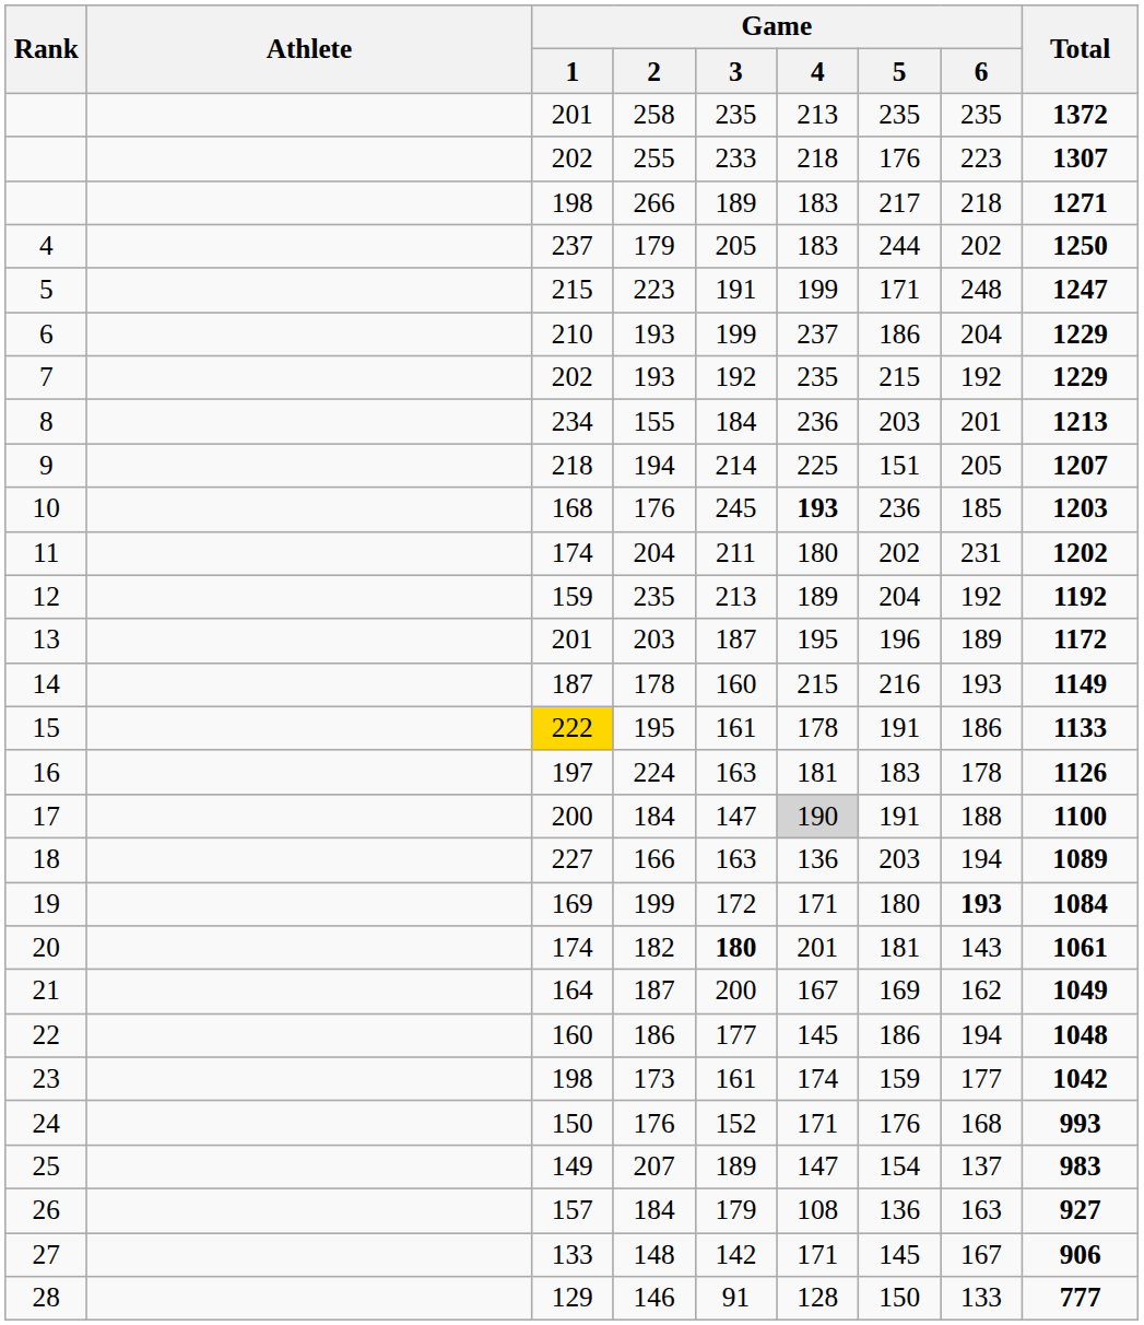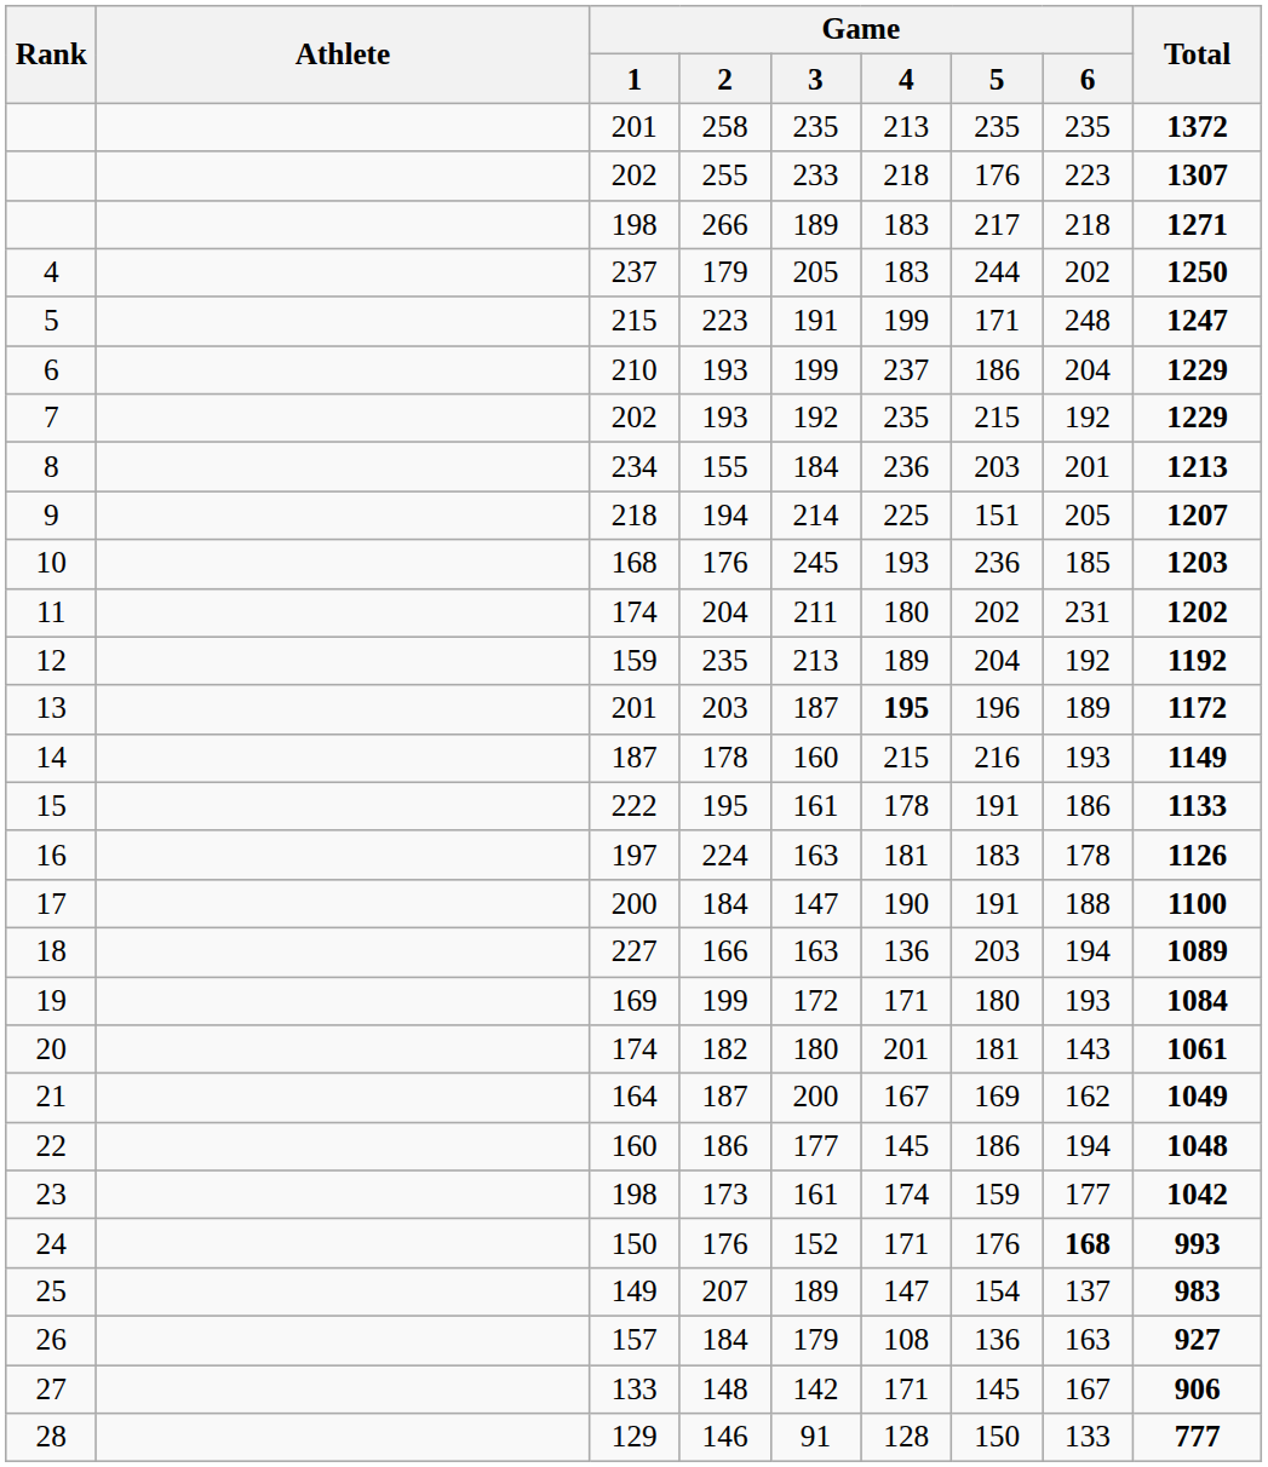 <table class=wikitable style="text-align:center">
 <tr>
 <th rowspan="2" width=40>Rank</th>
 <th rowspan="2" width=250>Athlete</th>
 <th colspan="6">Game</th>
 <th rowspan="2" width=60>Total</th>
 </tr>
 <tr>
 <th width=40>1</th>
 <th width=40>2</th>
 <th width=40>3</th>
 <th width=40>4</th>
 <th width=40>5</th>
 <th width=40>6</th>
 </tr>
 <tr>
 <td></td>
 <td align=left></td>
 <td>201</td>
 <td>258</td>
 <td>235</td>
 <td>213</td>
 <td>235</td>
 <td>235</td>
 <td><strong>1372</strong></td>
 </tr>
 <tr>
 <td></td>
 <td align=left></td>
 <td>202</td>
 <td>255</td>
 <td>233</td>
 <td>218</td>
 <td>176</td>
 <td>223</td>
 <td><strong>1307</strong></td>
 </tr>
 <tr>
 <td></td>
 <td align=left></td>
 <td>198</td>
 <td>266</td>
 <td>189</td>
 <td>183</td>
 <td>217</td>
 <td>218</td>
 <td><strong>1271</strong></td>
 </tr>
 <tr>
 <td>4</td>
 <td align=left></td>
 <td>237</td>
 <td>179</td>
 <td>205</td>
 <td>183</td>
 <td>244</td>
 <td>202</td>
 <td><strong>1250</strong></td>
 </tr>
 <tr>
 <td>5</td>
 <td align=left></td>
 <td>215</td>
 <td>223</td>
 <td>191</td>
 <td>199</td>
 <td>171</td>
 <td>248</td>
 <td><strong>1247</strong></td>
 </tr>
 <tr>
 <td>6</td>
 <td align=left></td>
 <td>210</td>
 <td>193</td>
 <td>199</td>
 <td>237</td>
 <td>186</td>
 <td>204</td>
 <td><strong>1229</strong></td>
 </tr>
 <tr>
 <td>7</td>
 <td align=left></td>
 <td>202</td>
 <td>193</td>
 <td>192</td>
 <td>235</td>
 <td>215</td>
 <td>192</td>
 <td><strong>1229</strong></td>
 </tr>
 <tr>
 <td>8</td>
 <td align=left></td>
 <td>234</td>
 <td>155</td>
 <td>184</td>
 <td>236</td>
 <td>203</td>
 <td>201</td>
 <td><strong>1213</strong></td>
 </tr>
 <tr>
 <td>9</td>
 <td align=left></td>
 <td>218</td>
 <td>194</td>
 <td>214</td>
 <td>225</td>
 <td>151</td>
 <td>205</td>
 <td><strong>1207</strong></td>
 </tr>
 <tr>
 <td>10</td>
 <td align=left></td>
 <td>168</td>
 <td>176</td>
 <td>245</td>
-<td><strong>193</strong></td>
+<td>193</td>
 <td>236</td>
 <td>185</td>
 <td><strong>1203</strong></td>
 </tr>
 <tr>
 <td>11</td>
 <td align=left></td>
 <td>174</td>
 <td>204</td>
 <td>211</td>
 <td>180</td>
 <td>202</td>
 <td>231</td>
 <td><strong>1202</strong></td>
 </tr>
 <tr>
 <td>12</td>
 <td align=left></td>
 <td>159</td>
 <td>235</td>
 <td>213</td>
 <td>189</td>
 <td>204</td>
 <td>192</td>
 <td><strong>1192</strong></td>
 </tr>
 <tr>
 <td>13</td>
 <td align=left></td>
 <td>201</td>
 <td>203</td>
 <td>187</td>
-<td>195</td>
+<td><strong>195</strong></td>
 <td>196</td>
 <td>189</td>
 <td><strong>1172</strong></td>
 </tr>
 <tr>
 <td>14</td>
 <td align=left></td>
 <td>187</td>
 <td>178</td>
 <td>160</td>
 <td>215</td>
 <td>216</td>
 <td>193</td>
 <td><strong>1149</strong></td>
 </tr>
 <tr>
 <td>15</td>
 <td align=left></td>
-<td style="background: gold;">222</td>
+<td>222</td>
 <td>195</td>
 <td>161</td>
 <td>178</td>
 <td>191</td>
 <td>186</td>
 <td><strong>1133</strong></td>
 </tr>
 <tr>
 <td>16</td>
 <td align=left></td>
 <td>197</td>
 <td>224</td>
 <td>163</td>
 <td>181</td>
 <td>183</td>
 <td>178</td>
 <td><strong>1126</strong></td>
 </tr>
 <tr>
 <td>17</td>
 <td align=left></td>
 <td>200</td>
 <td>184</td>
 <td>147</td>
-<td style="background: lightgrey;">190</td>
+<td>190</td>
 <td>191</td>
 <td>188</td>
 <td><strong>1100</strong></td>
 </tr>
 <tr>
 <td>18</td>
 <td align=left></td>
 <td>227</td>
 <td>166</td>
 <td>163</td>
 <td>136</td>
 <td>203</td>
 <td>194</td>
 <td><strong>1089</strong></td>
 </tr>
 <tr>
 <td>19</td>
 <td align=left></td>
 <td>169</td>
 <td>199</td>
 <td>172</td>
 <td>171</td>
 <td>180</td>
-<td><strong>193</strong></td>
+<td>193</td>
 <td><strong>1084</strong></td>
 </tr>
 <tr>
 <td>20</td>
 <td align=left></td>
 <td>174</td>
 <td>182</td>
-<td><strong>180</strong></td>
+<td>180</td>
 <td>201</td>
 <td>181</td>
 <td>143</td>
 <td><strong>1061</strong></td>
 </tr>
 <tr>
 <td>21</td>
 <td align=left></td>
 <td>164</td>
 <td>187</td>
 <td>200</td>
 <td>167</td>
 <td>169</td>
 <td>162</td>
 <td><strong>1049</strong></td>
 </tr>
 <tr>
 <td>22</td>
 <td align=left></td>
 <td>160</td>
 <td>186</td>
 <td>177</td>
 <td>145</td>
 <td>186</td>
 <td>194</td>
 <td><strong>1048</strong></td>
 </tr>
 <tr>
 <td>23</td>
 <td align=left></td>
 <td>198</td>
 <td>173</td>
 <td>161</td>
 <td>174</td>
 <td>159</td>
 <td>177</td>
 <td><strong>1042</strong></td>
 </tr>
 <tr>
 <td>24</td>
 <td align=left></td>
 <td>150</td>
 <td>176</td>
 <td>152</td>
 <td>171</td>
 <td>176</td>
-<td>168</td>
+<td><strong>168</strong></td>
 <td><strong>993</strong></td>
 </tr>
 <tr>
 <td>25</td>
 <td align=left></td>
 <td>149</td>
 <td>207</td>
 <td>189</td>
 <td>147</td>
 <td>154</td>
 <td>137</td>
 <td><strong>983</strong></td>
 </tr>
 <tr>
 <td>26</td>
 <td align=left></td>
 <td>157</td>
 <td>184</td>
 <td>179</td>
 <td>108</td>
 <td>136</td>
 <td>163</td>
 <td><strong>927</strong></td>
 </tr>
 <tr>
 <td>27</td>
 <td align=left></td>
 <td>133</td>
 <td>148</td>
 <td>142</td>
 <td>171</td>
 <td>145</td>
 <td>167</td>
 <td><strong>906</strong></td>
 </tr>
 <tr>
 <td>28</td>
 <td align=left></td>
 <td>129</td>
 <td>146</td>
 <td>91</td>
 <td>128</td>
 <td>150</td>
 <td>133</td>
 <td><strong>777</strong></td>
 </tr>
 </table>
